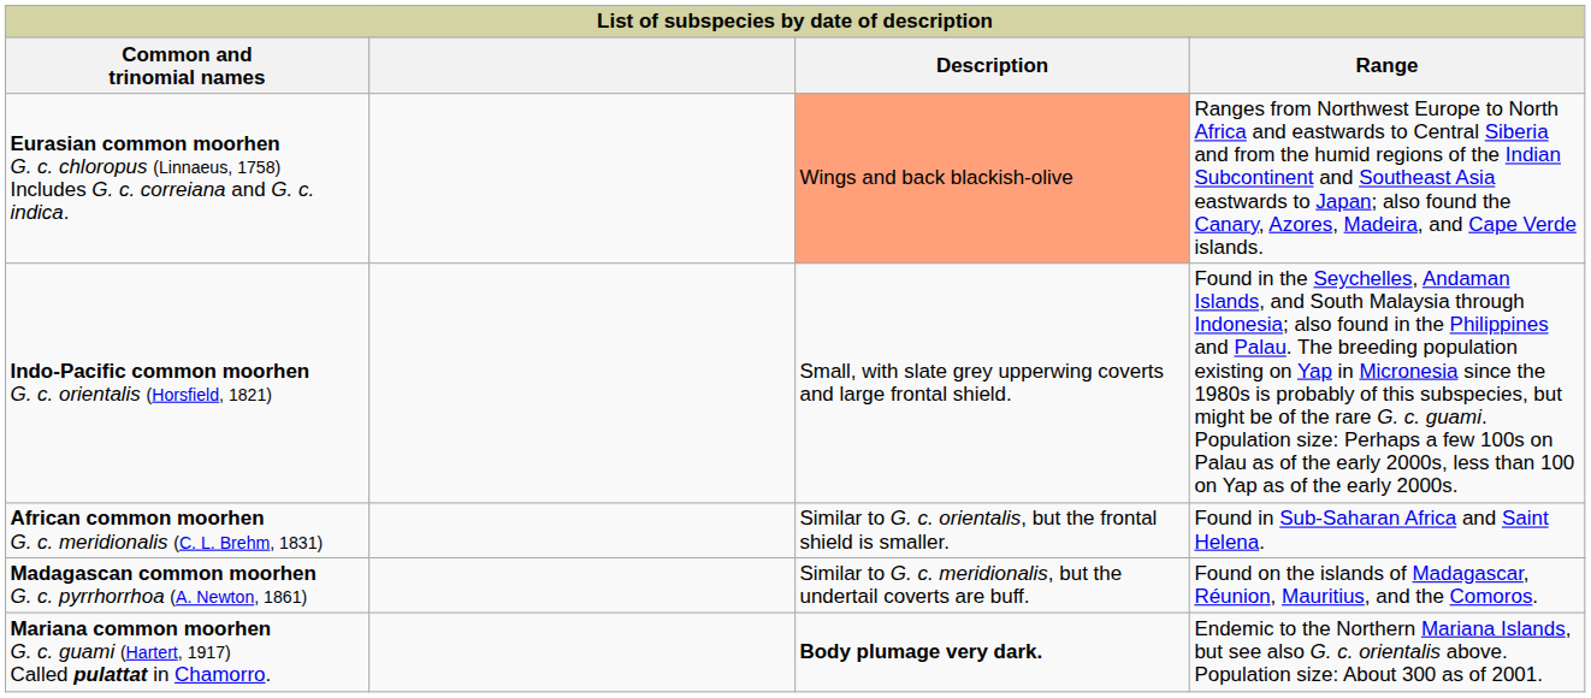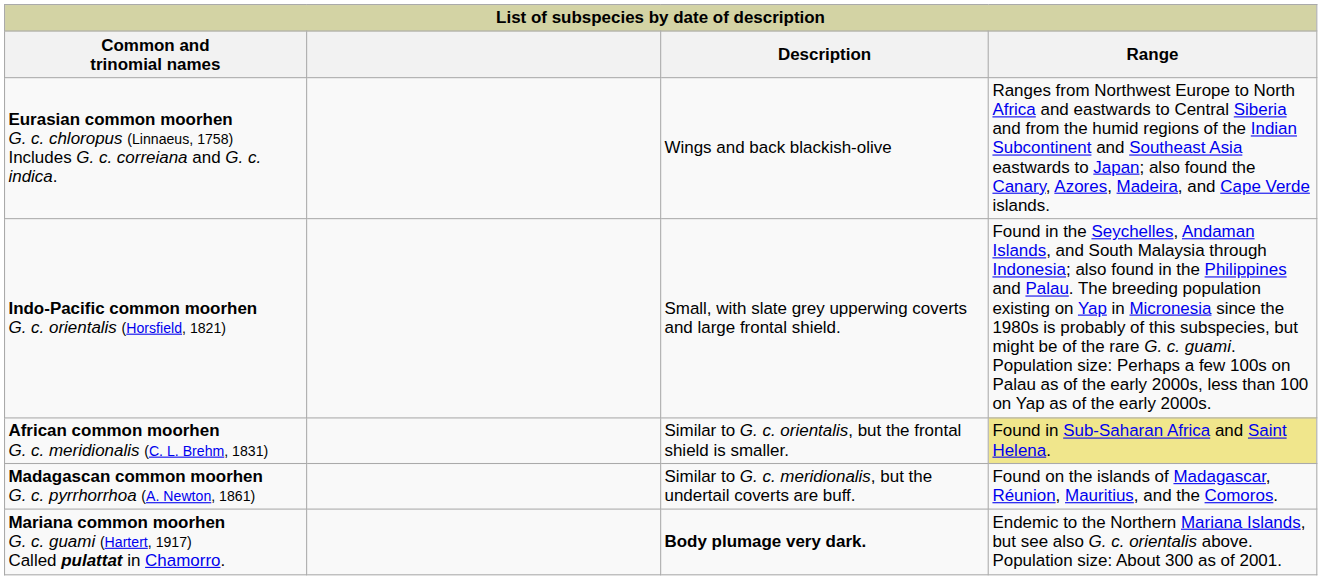 <table style="width:98%;" class="wikitable">
 <tr>
 <th style="text-align:center; background:#d3d3a4;" colspan="4"><strong>List of subspecies by date of description</strong></th>
 </tr>
 <tr>
 <th style="width:23%; text-align:center;">Common and<br>trinomial names</th>
 <th></th>
 <th style="width:25%; text-align:center;">Description</th>
 <th style="width:25%; text-align:center;">Range</th>
 </tr>
 <tr>
 <td><strong>Eurasian common moorhen</strong><br><em>G. c. chloropus</em> <small>(Linnaeus, 1758)</small><br>Includes <em>G. c. correiana</em> and <em>G. c. indica</em>.</td>
 <td></td>
-<td style="background: lightsalmon;">Wings and back blackish-olive</td>
+<td>Wings and back blackish-olive</td>
 <td>Ranges from Northwest Europe to North <a href='#'>Africa</a> and eastwards to Central <a href='#'>Siberia</a> and from the humid regions of the <a href='#'>Indian Subcontinent</a> and <a href='#'>Southeast Asia</a> eastwards to <a href='#'>Japan</a>; also found the <a href='#'>Canary</a>, <a href='#'>Azores</a>, <a href='#'>Madeira</a>, and <a href='#'>Cape Verde</a> islands.</td>
 </tr>
 <tr>
 <td><strong>Indo-Pacific common moorhen</strong><br><em>G. c. orientalis</em> <small>(<a href='#'>Horsfield</a>, 1821)</small></td>
 <td></td>
 <td>Small, with slate grey upperwing coverts and large frontal shield.</td>
 <td>Found in the <a href='#'>Seychelles</a>, <a href='#'>Andaman Islands</a>, and South Malaysia through <a href='#'>Indonesia</a>; also found in the <a href='#'>Philippines</a> and <a href='#'>Palau</a>. The breeding population existing on <a href='#'>Yap</a> in <a href='#'>Micronesia</a> since the 1980s is probably of this subspecies, but might be of the rare <em>G. c. guami</em>.<br>Population size: Perhaps a few 100s on Palau as of the early 2000s, less than 100 on Yap as of the early 2000s.</td>
 </tr>
 <tr>
 <td><strong>African common moorhen</strong><br><em>G. c. meridionalis</em> <small>(<a href='#'>C. L. Brehm</a>, 1831)</small></td>
 <td></td>
 <td>Similar to <em>G. c. orientalis</em>, but the frontal shield is smaller.</td>
-<td>Found in <a href='#'>Sub-Saharan Africa</a> and <a href='#'>Saint Helena</a>.</td>
+<td style="background: khaki;">Found in <a href='#'>Sub-Saharan Africa</a> and <a href='#'>Saint Helena</a>.</td>
 </tr>
 <tr>
 <td><strong>Madagascan common moorhen</strong><br><em>G. c. pyrrhorrhoa</em> <small>(<a href='#'>A. Newton</a>, 1861)</small></td>
 <td></td>
 <td>Similar to <em>G. c. meridionalis</em>, but the undertail coverts are buff.</td>
 <td>Found on the islands of <a href='#'>Madagascar</a>, <a href='#'>Réunion</a>, <a href='#'>Mauritius</a>, and the <a href='#'>Comoros</a>.</td>
 </tr>
 <tr>
 <td><strong>Mariana common moorhen</strong><br><em>G. c. guami</em> <small>(<a href='#'>Hartert</a>, 1917)</small><br>Called <strong><em>pulattat</em></strong> in <a href='#'>Chamorro</a>.</td>
 <td></td>
 <td><strong>Body plumage very dark.</strong></td>
 <td>Endemic to the Northern <a href='#'>Mariana Islands</a>, but see also <em>G. c. orientalis</em> above.<br>Population size: About 300 as of 2001.</td>
 </tr>
 </table>
